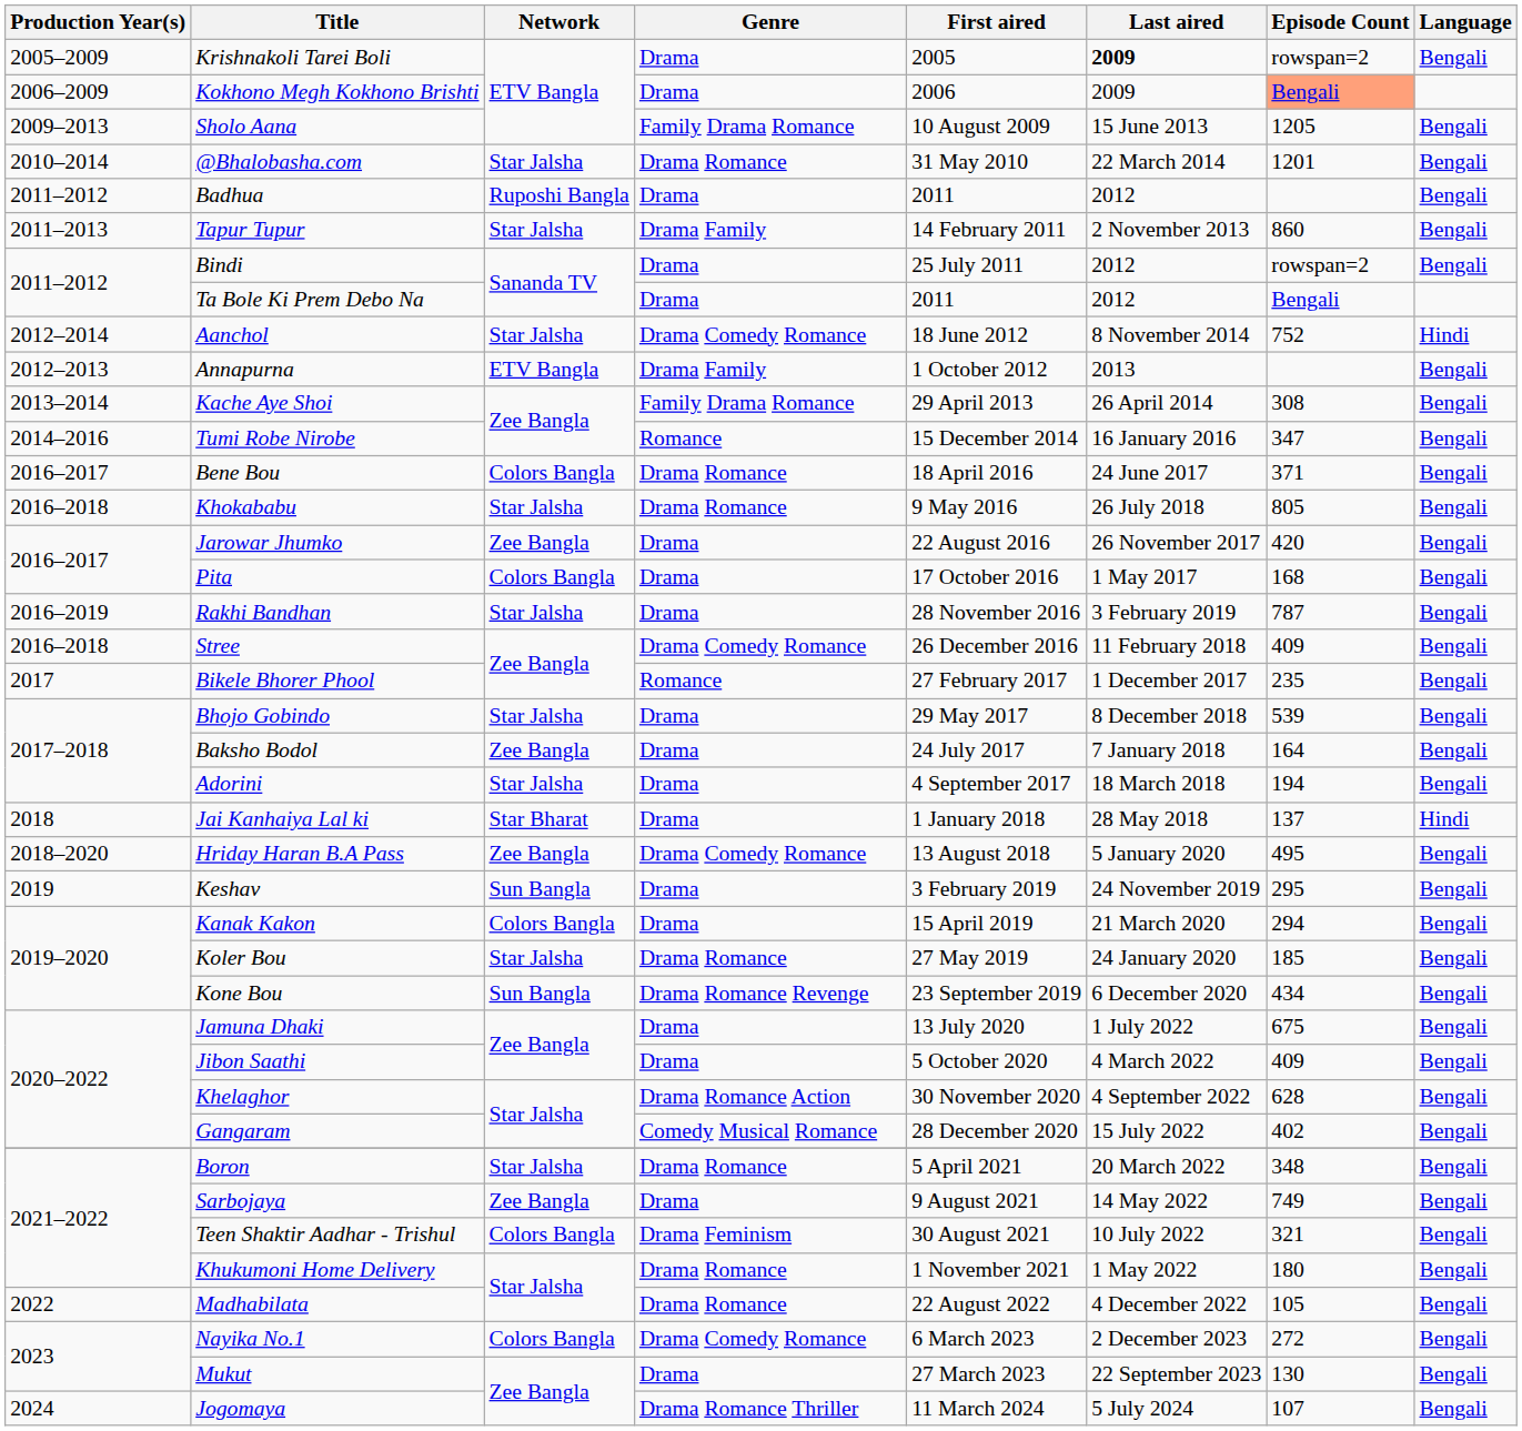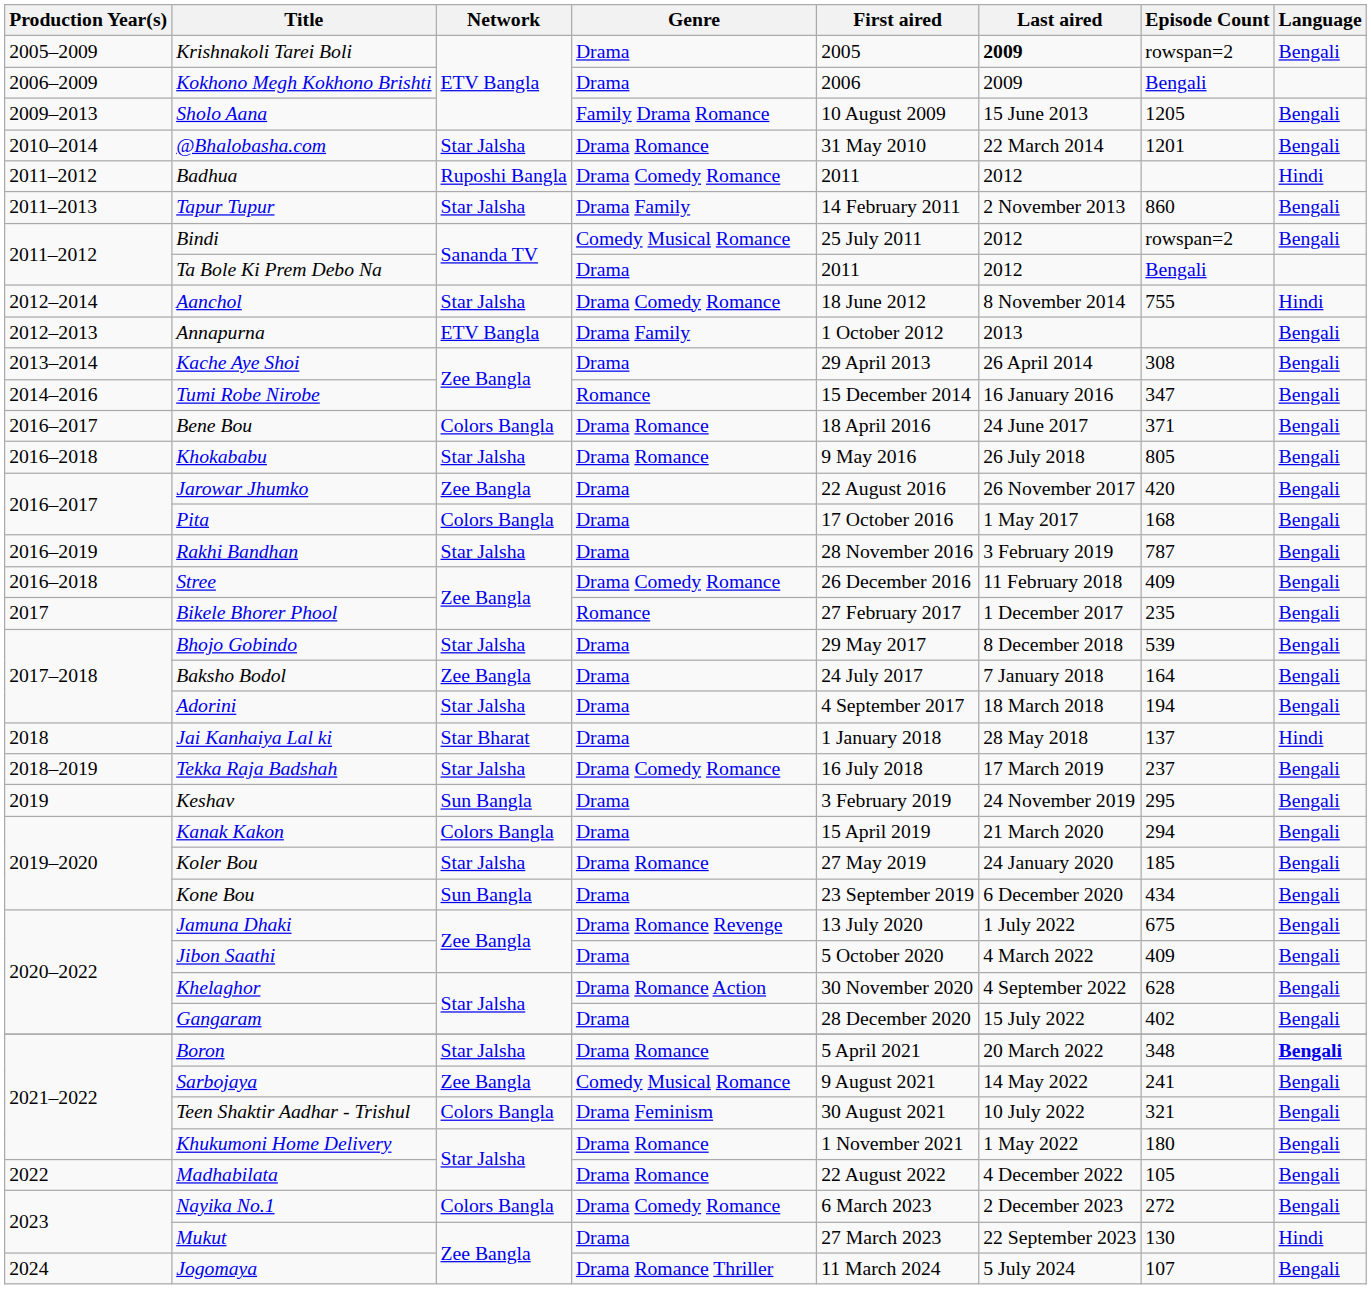 <table class="wikitable sortable plainrowheaders">
 <tr f>
 <th scope="col">Production Year(s)</th>
 <th scope="col">Title</th>
 <th scope="col">Network</th>
 <th scope="col">Genre</th>
 <th scope="col">First aired</th>
 <th scope="col">Last aired</th>
 <th scope="col">Episode Count</th>
 <th scope="col">Language</th>
 </tr>
 <tr>
 <td scope="row">2005–2009</td>
 <td><em>Krishnakoli Tarei Boli</em></td>
 <td rowspan=3><a href='#'>ETV Bangla</a></td>
 <td style="width: 12em;"><a href='#'>Drama</a></td>
 <td>2005</td>
 <td><strong>2009</strong></td>
 <td>rowspan=2 </td>
 <td><a href='#'>Bengali</a></td>
 </tr>
 <tr>
 <td scope="row">2006–2009</td>
 <td><em><a href='#'>Kokhono Megh Kokhono Brishti</a></em></td>
 <td><a href='#'>Drama</a></td>
 <td>2006</td>
 <td>2009</td>
-<td style="background: lightsalmon;"><a href='#'>Bengali</a></td>
+<td><a href='#'>Bengali</a></td>
 </tr>
 <tr>
 <td scope="row">2009–2013</td>
 <td><em><a href='#'>Sholo Aana</a></em></td>
 <td><a href='#'>Family</a> <a href='#'>Drama</a> <a href='#'>Romance</a></td>
 <td>10 August 2009</td>
 <td>15 June 2013</td>
 <td>1205</td>
 <td><a href='#'>Bengali</a></td>
 </tr>
 <tr>
 <td scope="row">2010–2014</td>
 <td><em><a href='#'>@Bhalobasha.com</a></em></td>
 <td><a href='#'>Star Jalsha</a></td>
 <td style="width: 12em;"><a href='#'>Drama</a> <a href='#'>Romance</a></td>
 <td>31 May 2010</td>
 <td>22 March 2014</td>
 <td>1201</td>
 <td><a href='#'>Bengali</a></td>
 </tr>
 <tr>
 <td scope="row">2011–2012</td>
 <td><em>Badhua</em></td>
 <td><a href='#'>Ruposhi Bangla</a></td>
-<td style="width: 12em;"><a href='#'>Drama</a></td>
+<td style="width: 12em;"><a href='#'>Drama</a>  <a href='#'>Comedy</a> <a href='#'>Romance</a></td>
 <td>2011</td>
 <td>2012</td>
 <td></td>
-<td><a href='#'>Bengali</a></td>
+<td><a href='#'>Hindi</a></td>
 </tr>
 <tr>
 <td scope="row">2011–2013</td>
 <td><em><a href='#'>Tapur Tupur</a></em></td>
 <td><a href='#'>Star Jalsha</a></td>
 <td style="width: 12em;"><a href='#'>Drama</a> <a href='#'>Family</a></td>
 <td>14 February 2011</td>
 <td>2 November 2013</td>
 <td>860</td>
 <td><a href='#'>Bengali</a></td>
 </tr>
 <tr>
 <td scope="row" rowspan="2">2011–2012</td>
 <td><em>Bindi</em></td>
 <td rowspan=2><a href='#'>Sananda TV</a></td>
-<td style="width: 12em;"><a href='#'>Drama</a></td>
+<td><a href='#'>Comedy</a> <a href='#'>Musical</a> <a href='#'>Romance</a></td>
 <td>25 July 2011</td>
 <td>2012</td>
 <td>rowspan=2 </td>
 <td><a href='#'>Bengali</a></td>
 </tr>
 <tr>
 <td><em>Ta Bole Ki Prem Debo Na</em></td>
 <td style="width: 12em;"><a href='#'>Drama</a></td>
 <td>2011</td>
 <td>2012</td>
 <td><a href='#'>Bengali</a></td>
 </tr>
 <tr>
 <td scope="row">2012–2014</td>
 <td><em><a href='#'>Aanchol</a></em></td>
 <td><a href='#'>Star Jalsha</a></td>
 <td style="width: 12em;"><a href='#'>Drama</a> <a href='#'>Comedy</a> <a href='#'>Romance</a></td>
 <td>18 June 2012</td>
 <td>8 November 2014</td>
-<td>752</td>
+<td>755</td>
 <td><a href='#'>Hindi</a></td>
 </tr>
 <tr>
 <td scope="row">2012–2013</td>
 <td><em>Annapurna</em></td>
 <td><a href='#'>ETV Bangla</a></td>
 <td style="width: 12em;"><a href='#'>Drama</a> <a href='#'>Family</a></td>
 <td>1 October 2012</td>
 <td>2013</td>
 <td></td>
 <td><a href='#'>Bengali</a></td>
 </tr>
 <tr>
 <td scope="row">2013–2014</td>
 <td><em><a href='#'>Kache Aye Shoi</a></em></td>
 <td rowspan=2><a href='#'>Zee Bangla</a></td>
-<td><a href='#'>Family</a> <a href='#'>Drama</a> <a href='#'>Romance</a></td>
+<td style="width: 12em;"><a href='#'>Drama</a></td>
 <td>29 April 2013</td>
 <td>26 April 2014</td>
 <td>308</td>
 <td><a href='#'>Bengali</a></td>
 </tr>
 <tr>
 <td scope="row">2014–2016</td>
 <td><em><a href='#'>Tumi Robe Nirobe</a></em></td>
 <td><a href='#'>Romance</a></td>
 <td>15 December 2014</td>
 <td>16 January 2016</td>
 <td>347</td>
 <td><a href='#'>Bengali</a></td>
 </tr>
 <tr>
 <td scope="row">2016–2017</td>
 <td><em>Bene Bou</em></td>
 <td><a href='#'>Colors Bangla</a></td>
 <td style="width: 12em;"><a href='#'>Drama</a> <a href='#'>Romance</a></td>
 <td>18 April 2016</td>
 <td>24 June 2017</td>
 <td>371</td>
 <td><a href='#'>Bengali</a></td>
 </tr>
 <tr>
 <td scope="row">2016–2018</td>
 <td><em><a href='#'>Khokababu</a></em></td>
 <td><a href='#'>Star Jalsha</a></td>
 <td style="width: 12em;"><a href='#'>Drama</a> <a href='#'>Romance</a></td>
 <td>9 May 2016</td>
 <td>26 July 2018</td>
 <td>805</td>
 <td><a href='#'>Bengali</a></td>
 </tr>
 <tr>
 <td scope="row" rowspan="2">2016–2017</td>
 <td><em><a href='#'>Jarowar Jhumko</a></em></td>
 <td><a href='#'>Zee Bangla</a></td>
 <td style="width: 12em;"><a href='#'>Drama</a></td>
 <td>22 August 2016</td>
 <td>26 November 2017</td>
 <td>420</td>
 <td><a href='#'>Bengali</a></td>
 </tr>
 <tr>
 <td><em><a href='#'>Pita</a></em></td>
 <td><a href='#'>Colors Bangla</a></td>
 <td style="width: 12em;"><a href='#'>Drama</a></td>
 <td>17 October 2016</td>
 <td>1 May 2017</td>
 <td>168</td>
 <td><a href='#'>Bengali</a></td>
 </tr>
 <tr>
 <td scope="row">2016–2019</td>
 <td><em><a href='#'>Rakhi Bandhan</a></em></td>
 <td><a href='#'>Star Jalsha</a></td>
 <td style="width: 12em;"><a href='#'>Drama</a></td>
 <td>28 November 2016</td>
 <td>3 February 2019</td>
 <td>787</td>
 <td><a href='#'>Bengali</a></td>
 </tr>
 <tr>
 <td scope="row">2016–2018</td>
 <td><em><a href='#'>Stree</a></em></td>
 <td rowspan=2><a href='#'>Zee Bangla</a></td>
 <td style="width: 12em;"><a href='#'>Drama</a> <a href='#'>Comedy</a> <a href='#'>Romance</a></td>
 <td>26 December 2016</td>
 <td>11 February 2018</td>
 <td>409</td>
 <td><a href='#'>Bengali</a></td>
 </tr>
 <tr>
 <td scope="row">2017</td>
 <td><em><a href='#'>Bikele Bhorer Phool</a></em></td>
 <td><a href='#'>Romance</a></td>
 <td>27 February 2017</td>
 <td>1 December  2017</td>
 <td>235</td>
 <td><a href='#'>Bengali</a></td>
 </tr>
 <tr>
 <td scope="row" rowspan="3">2017–2018</td>
 <td><em><a href='#'>Bhojo Gobindo</a></em></td>
 <td><a href='#'>Star Jalsha</a></td>
 <td style="width: 12em;"><a href='#'>Drama</a></td>
 <td>29 May 2017</td>
 <td>8 December 2018</td>
 <td>539</td>
 <td><a href='#'>Bengali</a></td>
 </tr>
 <tr>
 <td><em>Baksho Bodol</em></td>
 <td><a href='#'>Zee Bangla</a></td>
 <td style="width: 12em;"><a href='#'>Drama</a></td>
 <td>24 July 2017</td>
 <td>7 January 2018</td>
 <td>164</td>
 <td><a href='#'>Bengali</a></td>
 </tr>
 <tr>
 <td><em><a href='#'>Adorini</a></em></td>
 <td><a href='#'>Star Jalsha</a></td>
 <td style="width: 12em;"><a href='#'>Drama</a></td>
 <td>4 September 2017</td>
 <td>18 March 2018</td>
 <td>194</td>
 <td><a href='#'>Bengali</a></td>
 </tr>
 <tr>
 <td scope="row">2018</td>
 <td><em><a href='#'>Jai Kanhaiya Lal ki</a></em></td>
 <td><a href='#'>Star Bharat</a></td>
 <td style="width: 12em;"><a href='#'>Drama</a></td>
 <td>1 January 2018</td>
 <td>28 May 2018</td>
 <td>137</td>
 <td><a href='#'>Hindi</a></td>
 </tr>
 <tr>
-<td scope="row">2018–2020</td>
-<td><em><a href='#'>Hriday Haran B.A Pass</a></em></td>
-<td><a href='#'>Zee Bangla</a></td>
+<td scope="row">2018–2019</td>
+<td><em><a href='#'>Tekka Raja Badshah</a></em></td>
+<td><a href='#'>Star Jalsha</a></td>
 <td style="width: 12em;"><a href='#'>Drama</a> <a href='#'>Comedy</a> <a href='#'>Romance</a></td>
-<td>13 August 2018</td>
-<td>5 January 2020</td>
-<td>495</td>
+<td>16 July 2018</td>
+<td>17 March 2019</td>
+<td>237</td>
 <td><a href='#'>Bengali</a></td>
 </tr>
 <tr>
 <td scope="row">2019</td>
 <td><em>Keshav</em></td>
 <td><a href='#'>Sun Bangla</a></td>
 <td style="width: 12em;"><a href='#'>Drama</a></td>
 <td>3 February 2019</td>
 <td>24 November 2019</td>
 <td>295</td>
 <td><a href='#'>Bengali</a></td>
 </tr>
 <tr>
 <td scope="row" rowspan="3">2019–2020</td>
 <td><em><a href='#'>Kanak Kakon</a></em></td>
 <td><a href='#'>Colors Bangla</a></td>
 <td style="width: 12em;"><a href='#'>Drama</a></td>
 <td>15 April 2019</td>
 <td>21 March 2020</td>
 <td>294</td>
 <td><a href='#'>Bengali</a></td>
 </tr>
 <tr>
 <td><em>Koler Bou</em></td>
 <td><a href='#'>Star Jalsha</a></td>
 <td style="width: 12em;"><a href='#'>Drama</a> <a href='#'>Romance</a></td>
 <td>27 May 2019</td>
 <td>24 January 2020</td>
 <td>185</td>
 <td><a href='#'>Bengali</a></td>
 </tr>
 <tr>
 <td><em>Kone Bou</em></td>
 <td><a href='#'>Sun Bangla</a></td>
-<td><a href='#'>Drama</a> <a href='#'>Romance</a> <a href='#'>Revenge</a></td>
+<td style="width: 12em;"><a href='#'>Drama</a></td>
 <td>23 September 2019</td>
 <td>6 December 2020</td>
 <td>434</td>
 <td><a href='#'>Bengali</a></td>
 </tr>
 <tr>
 <td rowspan=4>2020–2022</td>
 <td><em><a href='#'>Jamuna Dhaki</a></em></td>
 <td rowspan=2><a href='#'>Zee Bangla</a></td>
-<td style="width: 12em;"><a href='#'>Drama</a></td>
+<td><a href='#'>Drama</a> <a href='#'>Romance</a> <a href='#'>Revenge</a></td>
 <td>13 July 2020</td>
 <td>1 July 2022</td>
 <td>675</td>
 <td><a href='#'>Bengali</a></td>
 </tr>
 <tr>
 <td><em><a href='#'>Jibon Saathi</a></em></td>
 <td><a href='#'>Drama</a></td>
 <td>5 October 2020</td>
 <td>4 March 2022</td>
 <td>409</td>
 <td><a href='#'>Bengali</a></td>
 </tr>
 <tr>
 <td><em><a href='#'>Khelaghor</a></em></td>
 <td rowspan=2><a href='#'>Star Jalsha</a></td>
 <td><a href='#'>Drama</a> <a href='#'>Romance</a> <a href='#'>Action</a></td>
 <td>30 November 2020</td>
 <td>4 September 2022</td>
 <td>628</td>
 <td><a href='#'>Bengali</a></td>
 </tr>
 <tr>
 <td><em><a href='#'>Gangaram</a></em></td>
-<td><a href='#'>Comedy</a> <a href='#'>Musical</a> <a href='#'>Romance</a></td>
+<td style="width: 12em;"><a href='#'>Drama</a></td>
 <td>28 December 2020</td>
 <td>15 July 2022</td>
 <td>402</td>
 <td><a href='#'>Bengali</a></td>
 </tr>
 <tr>
 </tr>
 <tr>
 <td rowspan=4>2021–2022</td>
 <td><em><a href='#'>Boron</a></em></td>
 <td><a href='#'>Star Jalsha</a></td>
 <td style="width: 12em;"><a href='#'>Drama</a> <a href='#'>Romance</a></td>
 <td>5 April 2021</td>
 <td>20 March 2022</td>
 <td>348</td>
-<td><a href='#'>Bengali</a></td>
+<td><strong><a href='#'>Bengali</a></strong></td>
 </tr>
 <tr>
 <td><em><a href='#'>Sarbojaya</a></em></td>
 <td><a href='#'>Zee Bangla</a></td>
-<td style="width: 12em;"><a href='#'>Drama</a></td>
+<td><a href='#'>Comedy</a> <a href='#'>Musical</a> <a href='#'>Romance</a></td>
 <td>9 August 2021</td>
 <td>14 May 2022</td>
-<td>749</td>
+<td>241</td>
 <td><a href='#'>Bengali</a></td>
 </tr>
 <tr>
 <td><em>Teen Shaktir Aadhar - Trishul</em></td>
 <td><a href='#'>Colors Bangla</a></td>
 <td><a href='#'>Drama</a> <a href='#'>Feminism</a></td>
 <td>30 August 2021</td>
 <td>10 July 2022</td>
 <td>321</td>
 <td><a href='#'>Bengali</a></td>
 </tr>
 <tr>
 <td><em><a href='#'>Khukumoni Home Delivery</a></em></td>
 <td Rowspan=2><a href='#'>Star Jalsha</a></td>
 <td style="width: 12em;"><a href='#'>Drama</a> <a href='#'>Romance</a></td>
 <td>1 November 2021</td>
 <td>1 May 2022</td>
 <td>180</td>
 <td><a href='#'>Bengali</a></td>
 </tr>
 <tr>
 <td>2022</td>
 <td><em><a href='#'>Madhabilata</a></em></td>
 <td style="width: 12em;"><a href='#'>Drama</a> <a href='#'>Romance</a></td>
 <td>22 August 2022</td>
 <td>4 December 2022</td>
 <td>105</td>
 <td><a href='#'>Bengali</a></td>
 </tr>
 <tr>
 <td rowspan=2>2023</td>
 <td><em><a href='#'>Nayika No.1</a></em></td>
 <td><a href='#'>Colors Bangla</a></td>
 <td style="width: 12em;"><a href='#'>Drama</a>  <a href='#'>Comedy</a> <a href='#'>Romance</a></td>
 <td>6 March 2023</td>
 <td>2 December 2023</td>
 <td>272</td>
 <td><a href='#'>Bengali</a></td>
 </tr>
 <tr>
 <td><em><a href='#'>Mukut</a></em></td>
 <td rowspan="2"><a href='#'>Zee Bangla</a></td>
 <td style="width: 12em;"><a href='#'>Drama</a></td>
 <td>27 March 2023</td>
 <td>22 September 2023</td>
 <td>130</td>
-<td><a href='#'>Bengali</a></td>
+<td><a href='#'>Hindi</a></td>
 </tr>
 <tr>
 <td>2024</td>
 <td><em><a href='#'>Jogomaya</a></em></td>
 <td><a href='#'>Drama</a>  <a href='#'>Romance</a> <a href='#'>Thriller</a></td>
 <td>11 March 2024</td>
 <td>5 July 2024</td>
 <td>107</td>
 <td><a href='#'>Bengali</a></td>
 </tr>
 </table>
